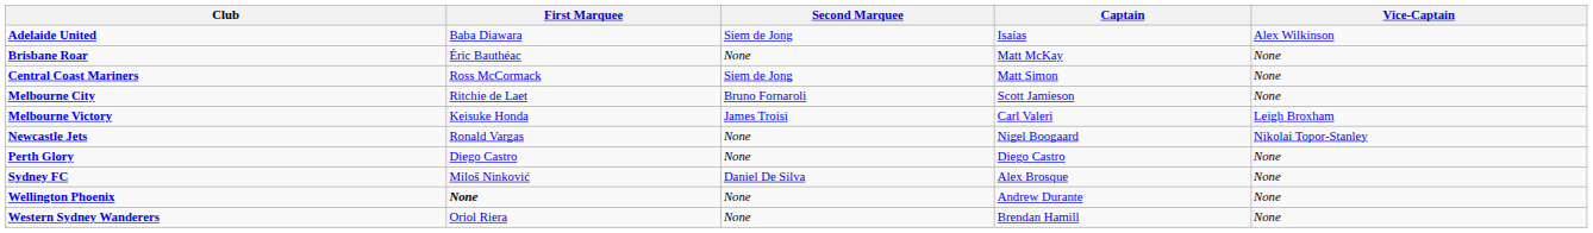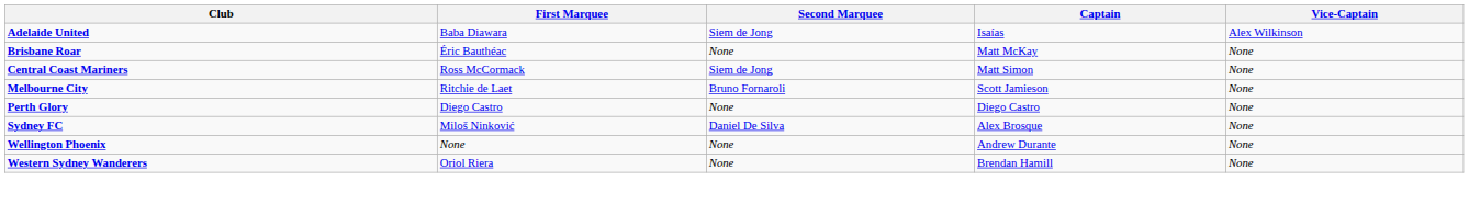 <table class="wikitable" style="width:100%">
 <tr>
 <th>Club</th>
 <th><a href='#'>First Marquee</a></th>
 <th><a href='#'>Second Marquee</a><br> </th>
 <th><a href='#'>Captain</a></th>
 <th><a href='#'>Vice-Captain</a></th>
 </tr>
 <tr style="vertical-align:top;">
 <td><strong><a href='#'>Adelaide United</a></strong></td>
 <td> <a href='#'>Baba Diawara</a></td>
 <td> <a href='#'>Siem de Jong</a></td>
 <td> <a href='#'>Isaías</a></td>
 <td> <a href='#'>Alex Wilkinson</a></td>
 </tr>
 <tr style="vertical-align:top;">
 <td><strong><a href='#'>Brisbane Roar</a></strong></td>
 <td> <a href='#'>Éric Bauthéac</a></td>
 <td><em>None</em></td>
 <td> <a href='#'>Matt McKay</a></td>
 <td><em>None</em></td>
 </tr>
 <tr style="vertical-align:top;">
 <td><strong><a href='#'>Central Coast Mariners</a></strong></td>
 <td> <a href='#'>Ross McCormack</a></td>
 <td> <a href='#'>Siem de Jong</a></td>
 <td> <a href='#'>Matt Simon</a></td>
 <td><em>None</em></td>
 </tr>
 <tr style="vertical-align:top;">
 <td><strong><a href='#'>Melbourne City</a></strong></td>
 <td> <a href='#'>Ritchie de Laet</a></td>
 <td> <a href='#'>Bruno Fornaroli</a></td>
 <td> <a href='#'>Scott Jamieson</a></td>
 <td><em>None</em></td>
 </tr>
 <tr style="vertical-align:top;">
-<td><strong><a href='#'>Melbourne Victory</a></strong></td>
-<td> <a href='#'>Keisuke Honda</a></td>
-<td> <a href='#'>James Troisi</a></td>
-<td> <a href='#'>Carl Valeri</a></td>
-<td> <a href='#'>Leigh Broxham</a></td>
-</tr>
-<tr style="vertical-align:top;">
-<td><strong><a href='#'>Newcastle Jets</a></strong></td>
-<td> <a href='#'>Ronald Vargas</a></td>
-<td><em>None</em></td>
-<td> <a href='#'>Nigel Boogaard</a></td>
-<td> <a href='#'>Nikolai Topor-Stanley</a></td>
-</tr>
-<tr style="vertical-align:top;">
 <td><strong><a href='#'>Perth Glory</a></strong></td>
 <td> <a href='#'>Diego Castro</a></td>
 <td><em>None</em></td>
 <td> <a href='#'>Diego Castro</a></td>
 <td><em>None</em></td>
 </tr>
 <tr style="vertical-align:top;">
 <td><strong><a href='#'>Sydney FC</a></strong></td>
 <td> <a href='#'>Miloš Ninković</a></td>
 <td> <a href='#'>Daniel De Silva</a></td>
 <td> <a href='#'>Alex Brosque</a></td>
 <td><em>None</em></td>
 </tr>
 <tr style="vertical-align:top;">
 <td><strong><a href='#'>Wellington Phoenix</a></strong></td>
-<td><strong><em>None</em></strong></td>
+<td><em>None</em></td>
 <td><em>None</em></td>
 <td> <a href='#'>Andrew Durante</a></td>
 <td><em>None</em></td>
 </tr>
 <tr style="vertical-align:top;">
 <td><strong><a href='#'>Western Sydney Wanderers</a></strong></td>
 <td> <a href='#'>Oriol Riera</a></td>
 <td><em>None</em></td>
 <td> <a href='#'>Brendan Hamill</a></td>
 <td><em>None</em></td>
 </tr>
 </table>
